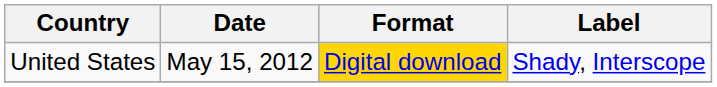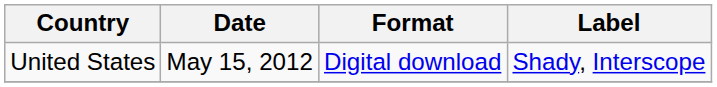 <table class="wikitable">
 <tr>
 <th>Country</th>
 <th>Date</th>
 <th>Format</th>
 <th>Label</th>
 </tr>
 <tr>
 <td>United States</td>
 <td rowspan="1">May 15, 2012</td>
-<td rowspan="1" style="background: gold;"><a href='#'>Digital download</a></td>
+<td rowspan="1"><a href='#'>Digital download</a></td>
 <td rowspan="1"><a href='#'>Shady</a>, <a href='#'>Interscope</a></td>
 </tr>
 <tr>
 </tr>
 </table>
